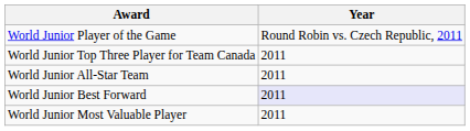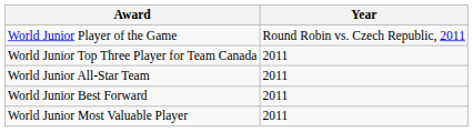 <table class="wikitable">
 <tr>
 <th>Award</th>
 <th>Year</th>
 </tr>
 <tr>
 <td><a href='#'>World Junior</a> Player of the Game</td>
 <td>Round Robin vs. Czech Republic, <a href='#'>2011</a></td>
 </tr>
 <tr>
 <td>World Junior Top Three Player for Team Canada</td>
 <td>2011</td>
 </tr>
 <tr>
 <td>World Junior All-Star Team</td>
 <td>2011</td>
 </tr>
 <tr>
 <td>World Junior Best Forward</td>
-<td style="background: lavender;">2011</td>
+<td>2011</td>
 </tr>
 <tr>
 <td>World Junior Most Valuable Player</td>
 <td>2011</td>
 </tr>
 </table>
